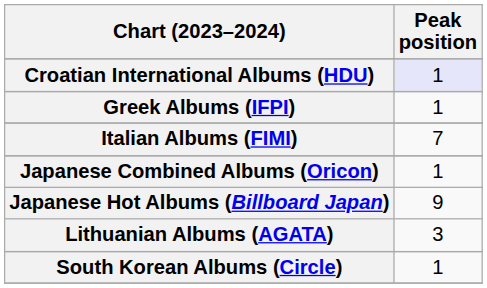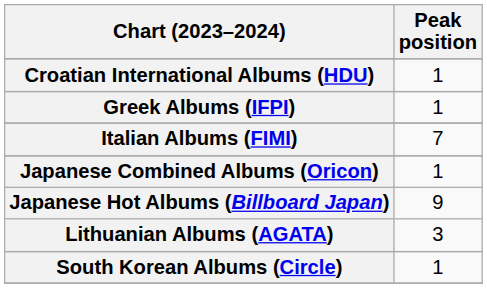 <table class="wikitable plainrowheaders sortable" style="text-align:center">
 <tr>
 <th scope="col">Chart (2023–2024)</th>
 <th scope="col">Peak<br>position</th>
 </tr>
 <tr>
 </tr>
 <tr>
 </tr>
 <tr>
 </tr>
 <tr>
 </tr>
 <tr>
 </tr>
 <tr>
 <th scope="row">Croatian International Albums (<a href='#'>HDU</a>)</th>
-<td style="background: lavender;">1</td>
+<td>1</td>
 </tr>
 <tr>
 </tr>
 <tr>
 </tr>
 <tr>
 </tr>
 <tr>
 </tr>
 <tr>
 </tr>
 <tr>
 <th scope="row">Greek Albums (<a href='#'>IFPI</a>)</th>
 <td>1</td>
 </tr>
 <tr>
 </tr>
 <tr>
 <th scope="row">Italian Albums (<a href='#'>FIMI</a>)</th>
 <td>7</td>
 </tr>
 <tr>
 </tr>
 <tr>
 <th scope="row">Japanese Combined Albums (<a href='#'>Oricon</a>)</th>
 <td>1</td>
 </tr>
 <tr>
 <th scope="row">Japanese Hot Albums (<em><a href='#'>Billboard Japan</a></em>)</th>
 <td>9</td>
 </tr>
 <tr>
 <th scope="row">Lithuanian Albums (<a href='#'>AGATA</a>)</th>
 <td>3</td>
 </tr>
 <tr>
 </tr>
 <tr>
 </tr>
 <tr>
 </tr>
 <tr>
 <th scope="row">South Korean Albums (<a href='#'>Circle</a>)</th>
 <td>1</td>
 </tr>
 <tr>
 </tr>
 <tr>
 </tr>
 <tr>
 </tr>
 <tr>
 </tr>
 <tr>
 </tr>
 <tr>
 </tr>
 <tr>
 </tr>
 </table>
